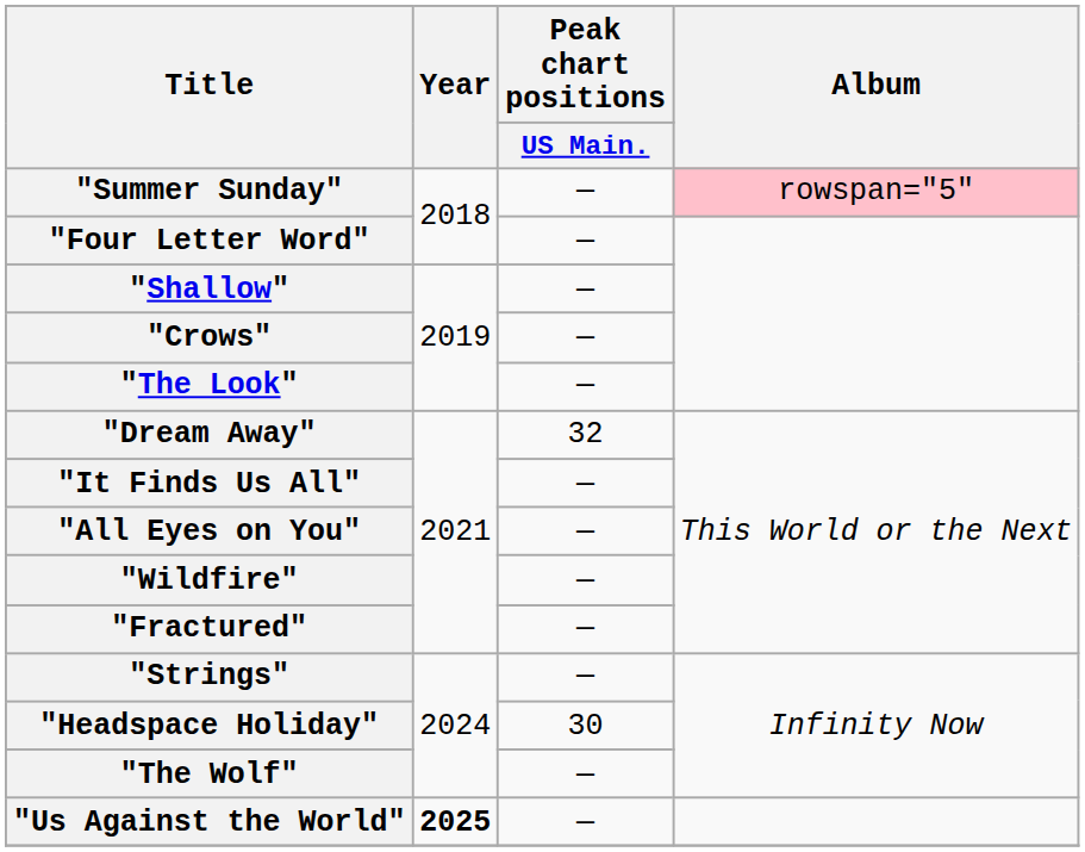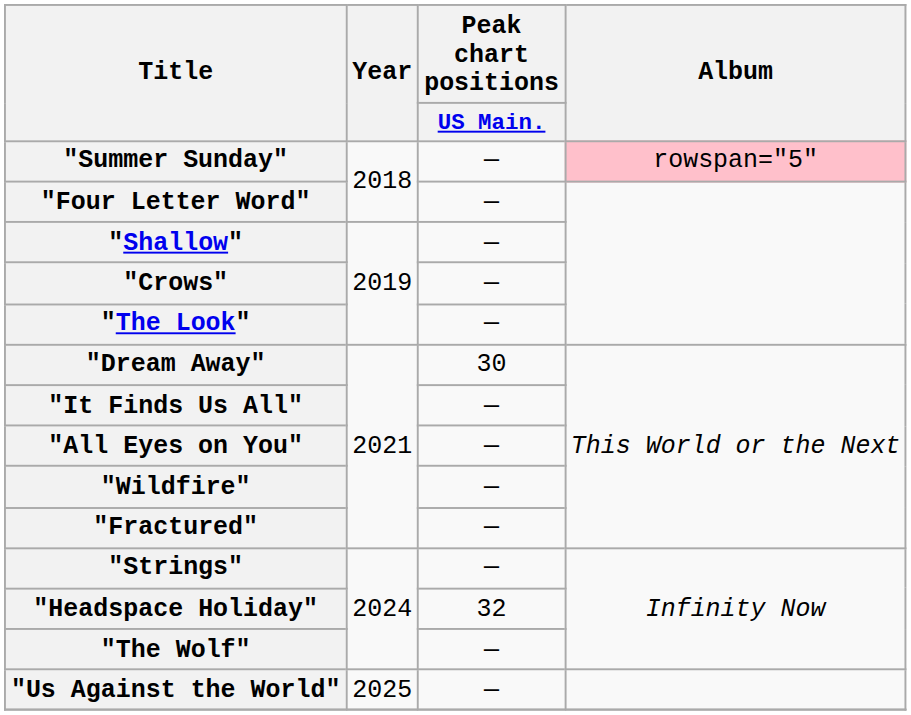 <table class="wikitable plainrowheaders" style="text-align:center;">
 <tr>
 <th rowspan="2" scope="col">Title</th>
 <th rowspan="2" scope="col">Year</th>
 <th scope="col">Peak chart positions</th>
 <th rowspan="2" scope="col">Album</th>
 </tr>
 <tr>
 <th style="width:5em; font-size:90%;"><a href='#'>US Main.</a><br></th>
 </tr>
 <tr>
 <th scope="row">"Summer Sunday"</th>
 <td rowspan="2">2018</td>
 <td>—</td>
 <td style="background: pink;">rowspan="5" </td>
 </tr>
 <tr>
 <th scope="row">"Four Letter Word"</th>
 <td>—</td>
 </tr>
 <tr>
 <th scope="row">"<a href='#'>Shallow</a>"</th>
 <td rowspan="3">2019</td>
 <td>—</td>
 </tr>
 <tr>
 <th scope="row">"Crows"</th>
 <td>—</td>
 </tr>
 <tr>
 <th scope="row">"<a href='#'>The Look</a>"</th>
 <td>—</td>
 </tr>
 <tr>
 <th scope="row">"Dream Away"</th>
 <td rowspan="5">2021</td>
-<td>32</td>
+<td>30</td>
 <td rowspan="5"><em>This World or the Next</em></td>
 </tr>
 <tr>
 <th scope="row">"It Finds Us All"</th>
 <td>—</td>
 </tr>
 <tr>
 <th scope="row">"All Eyes on You"</th>
 <td>—</td>
 </tr>
 <tr>
 <th scope="row">"Wildfire"</th>
 <td>—</td>
 </tr>
 <tr>
 <th scope="row">"Fractured"</th>
 <td>—</td>
 </tr>
 <tr>
 <th scope="row">"Strings"</th>
 <td rowspan="3">2024</td>
 <td>—</td>
 <td rowspan="3"><em>Infinity Now</em></td>
 </tr>
 <tr>
 <th scope="row">"Headspace Holiday"</th>
-<td>30</td>
+<td>32</td>
 </tr>
 <tr>
 <th scope="row">"The Wolf"</th>
 <td>—</td>
 </tr>
 <tr>
 <th scope="row">"Us Against the World"</th>
-<td><strong>2025</strong></td>
+<td>2025</td>
 <td>—</td>
 <td></td>
 </tr>
 <tr>
 </tr>
 </table>
